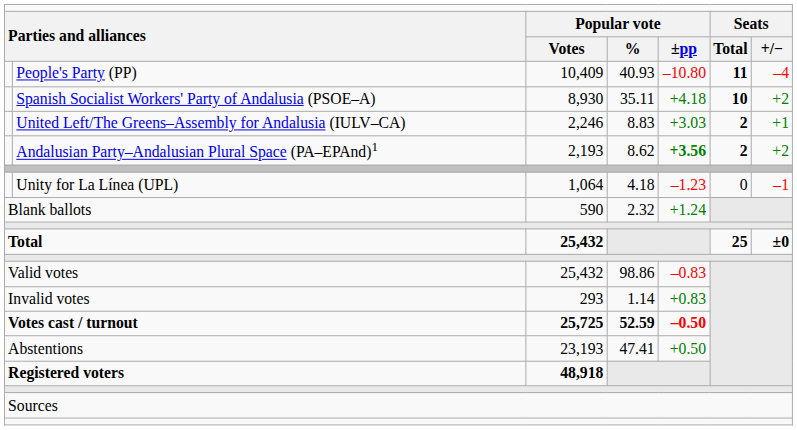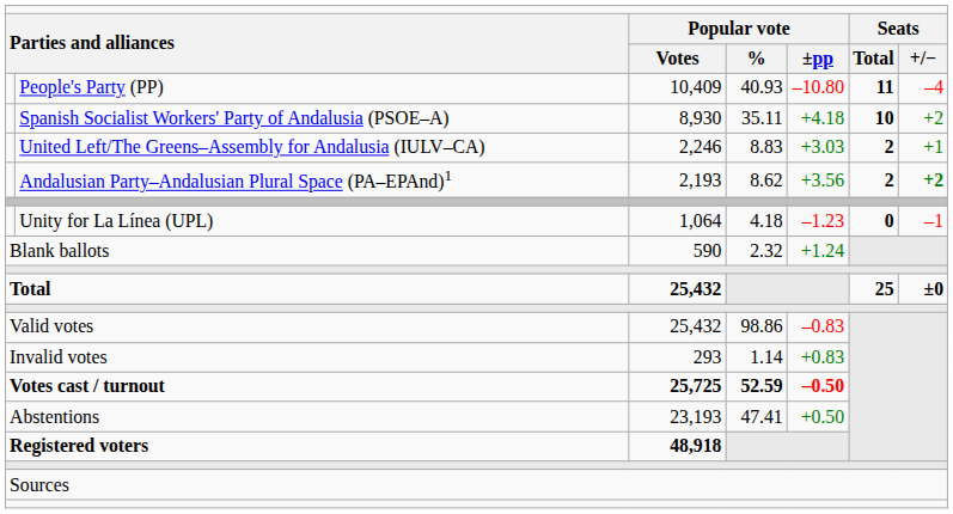 <table class="wikitable" style="text-align:right;">
 <tr>
 <td colspan="7"></td>
 </tr>
 <tr>
 <th style="text-align:left;" rowspan="2" colspan="2" width="525">Parties and alliances</th>
 <th colspan="3">Popular vote</th>
 <th colspan="2">Seats</th>
 </tr>
 <tr>
 <th width="75">Votes</th>
 <th width="45">%</th>
 <th width="45">±<a href='#'>pp</a></th>
 <th width="35">Total</th>
 <th width="35">+/−</th>
 </tr>
 <tr>
 <td width="1" style="color:inherit;background:"></td>
 <td align="left"><a href='#'>People's Party</a> (PP)</td>
 <td>10,409</td>
 <td>40.93</td>
 <td style="color:red;">–10.80</td>
 <td><strong>11</strong></td>
 <td style="color:red;">–4</td>
 </tr>
 <tr>
 <td style="color:inherit;background:"></td>
 <td align="left"><a href='#'>Spanish Socialist Workers' Party of Andalusia</a> (PSOE–A)</td>
 <td>8,930</td>
 <td>35.11</td>
 <td style="color:green;">+4.18</td>
 <td><strong>10</strong></td>
 <td style="color:green;">+2</td>
 </tr>
 <tr>
 <td style="color:inherit;background:"></td>
 <td align="left"><a href='#'>United Left/The Greens–Assembly for Andalusia</a> (IULV–CA)</td>
 <td>2,246</td>
 <td>8.83</td>
 <td style="color:green;">+3.03</td>
 <td><strong>2</strong></td>
 <td style="color:green;">+1</td>
 </tr>
 <tr>
 <td style="color:inherit;background:"></td>
 <td align="left"><a href='#'>Andalusian Party–Andalusian Plural Space</a> (PA–EPAnd)<sup>1</sup></td>
 <td>2,193</td>
 <td>8.62</td>
-<td style="color:green;"><strong>+3.56</strong></td>
+<td style="color:green;">+3.56</td>
 <td><strong>2</strong></td>
-<td style="color:green;">+2</td>
+<td style="color:green;"><strong>+2</strong></td>
 </tr>
 <tr>
 <td colspan="7" bgcolor="#C0C0C0"></td>
 </tr>
 <tr>
 <td style="color:inherit;background:"></td>
 <td align="left">Unity for La Línea (UPL)</td>
 <td>1,064</td>
 <td>4.18</td>
 <td style="color:red;">–1.23</td>
-<td>0</td>
+<td><strong>0</strong></td>
 <td style="color:red;">–1</td>
 </tr>
 <tr>
 <td align="left" colspan="2">Blank ballots</td>
 <td>590</td>
 <td>2.32</td>
 <td style="color:green;">+1.24</td>
 <td bgcolor="#E9E9E9" colspan="2"></td>
 </tr>
 <tr>
 <td colspan="7" bgcolor="#E9E9E9"></td>
 </tr>
 <tr style="font-weight:bold;">
 <td align="left" colspan="2">Total</td>
 <td>25,432</td>
 <td bgcolor="#E9E9E9" colspan="2"></td>
 <td>25</td>
 <td>±0</td>
 </tr>
 <tr>
 <td colspan="7" bgcolor="#E9E9E9"></td>
 </tr>
 <tr>
 <td align="left" colspan="2">Valid votes</td>
 <td>25,432</td>
 <td>98.86</td>
 <td style="color:red;">–0.83</td>
 <td bgcolor="#E9E9E9" colspan="2" rowspan="5"></td>
 </tr>
 <tr>
 <td align="left" colspan="2">Invalid votes</td>
 <td>293</td>
 <td>1.14</td>
 <td style="color:green;">+0.83</td>
 </tr>
 <tr style="font-weight:bold;">
 <td align="left" colspan="2">Votes cast / turnout</td>
 <td>25,725</td>
 <td>52.59</td>
 <td style="color:red;">–0.50</td>
 </tr>
 <tr>
 <td align="left" colspan="2">Abstentions</td>
 <td>23,193</td>
 <td>47.41</td>
 <td style="color:green;">+0.50</td>
 </tr>
 <tr style="font-weight:bold;">
 <td align="left" colspan="2">Registered voters</td>
 <td>48,918</td>
 <td bgcolor="#E9E9E9" colspan="2"></td>
 </tr>
 <tr>
 <td colspan="7" bgcolor="#E9E9E9"></td>
 </tr>
 <tr>
 <td align="left" colspan="7">Sources</td>
 </tr>
 <tr>
 <td colspan="7" style="text-align:left; max-width:790px;"></td>
 </tr>
 </table>
